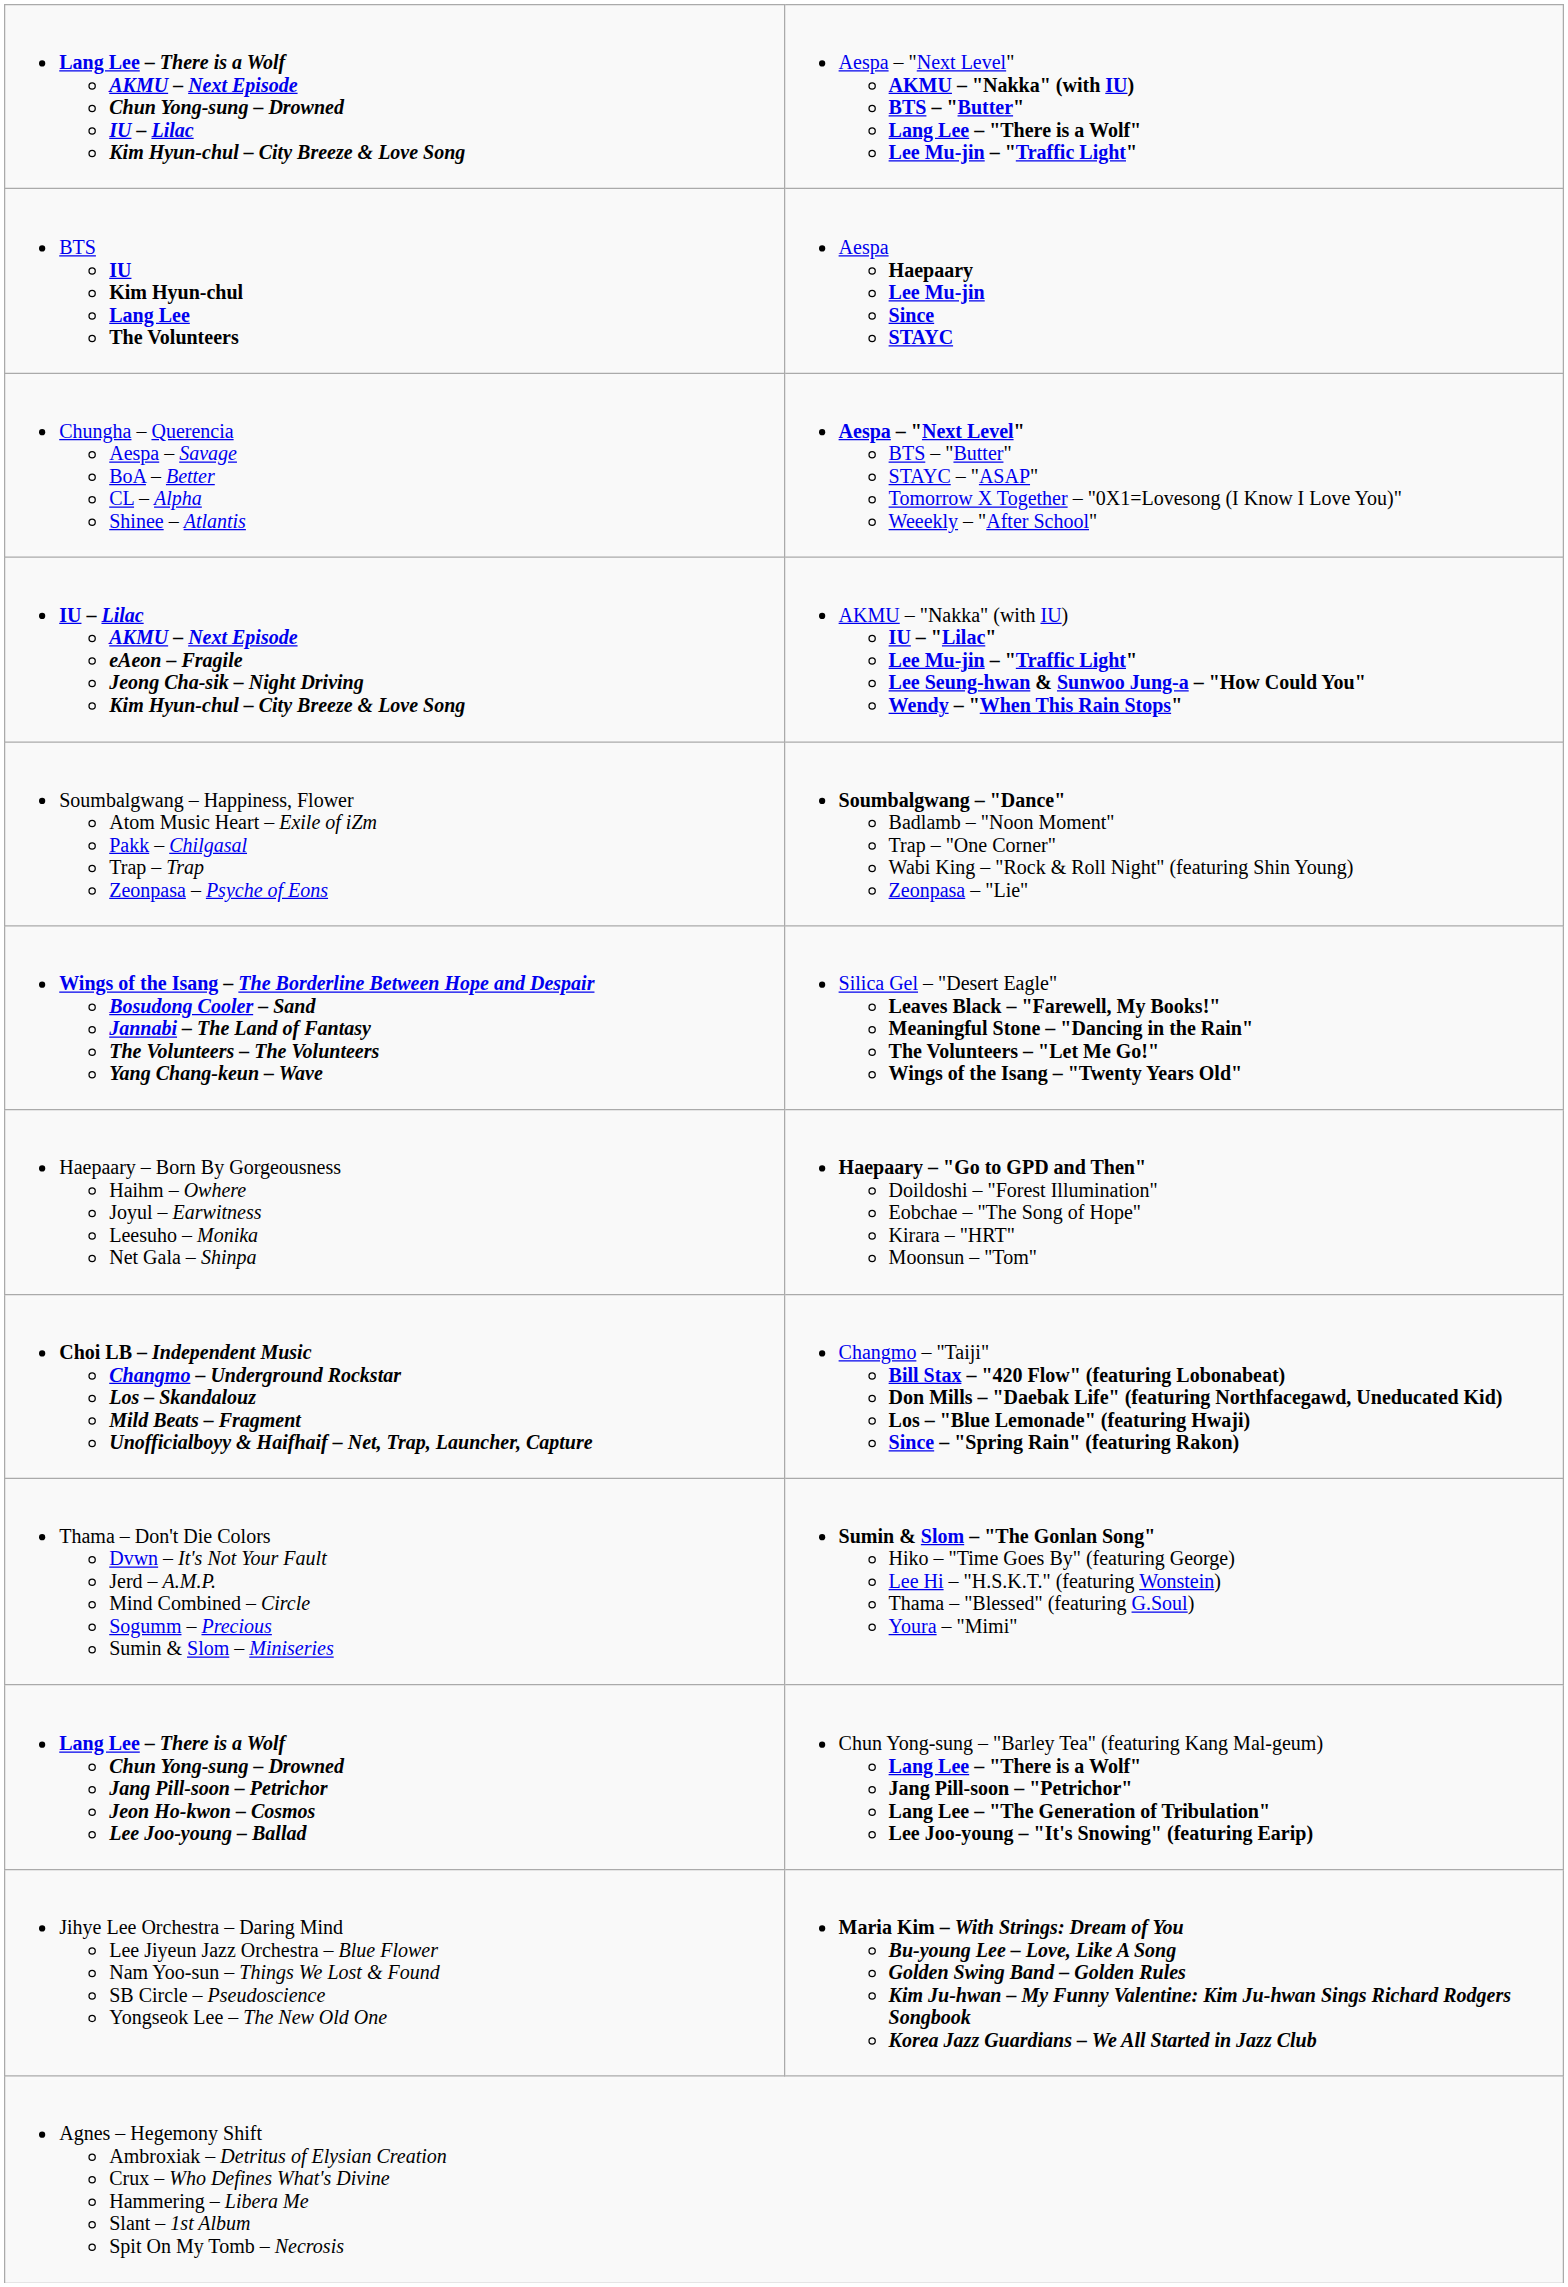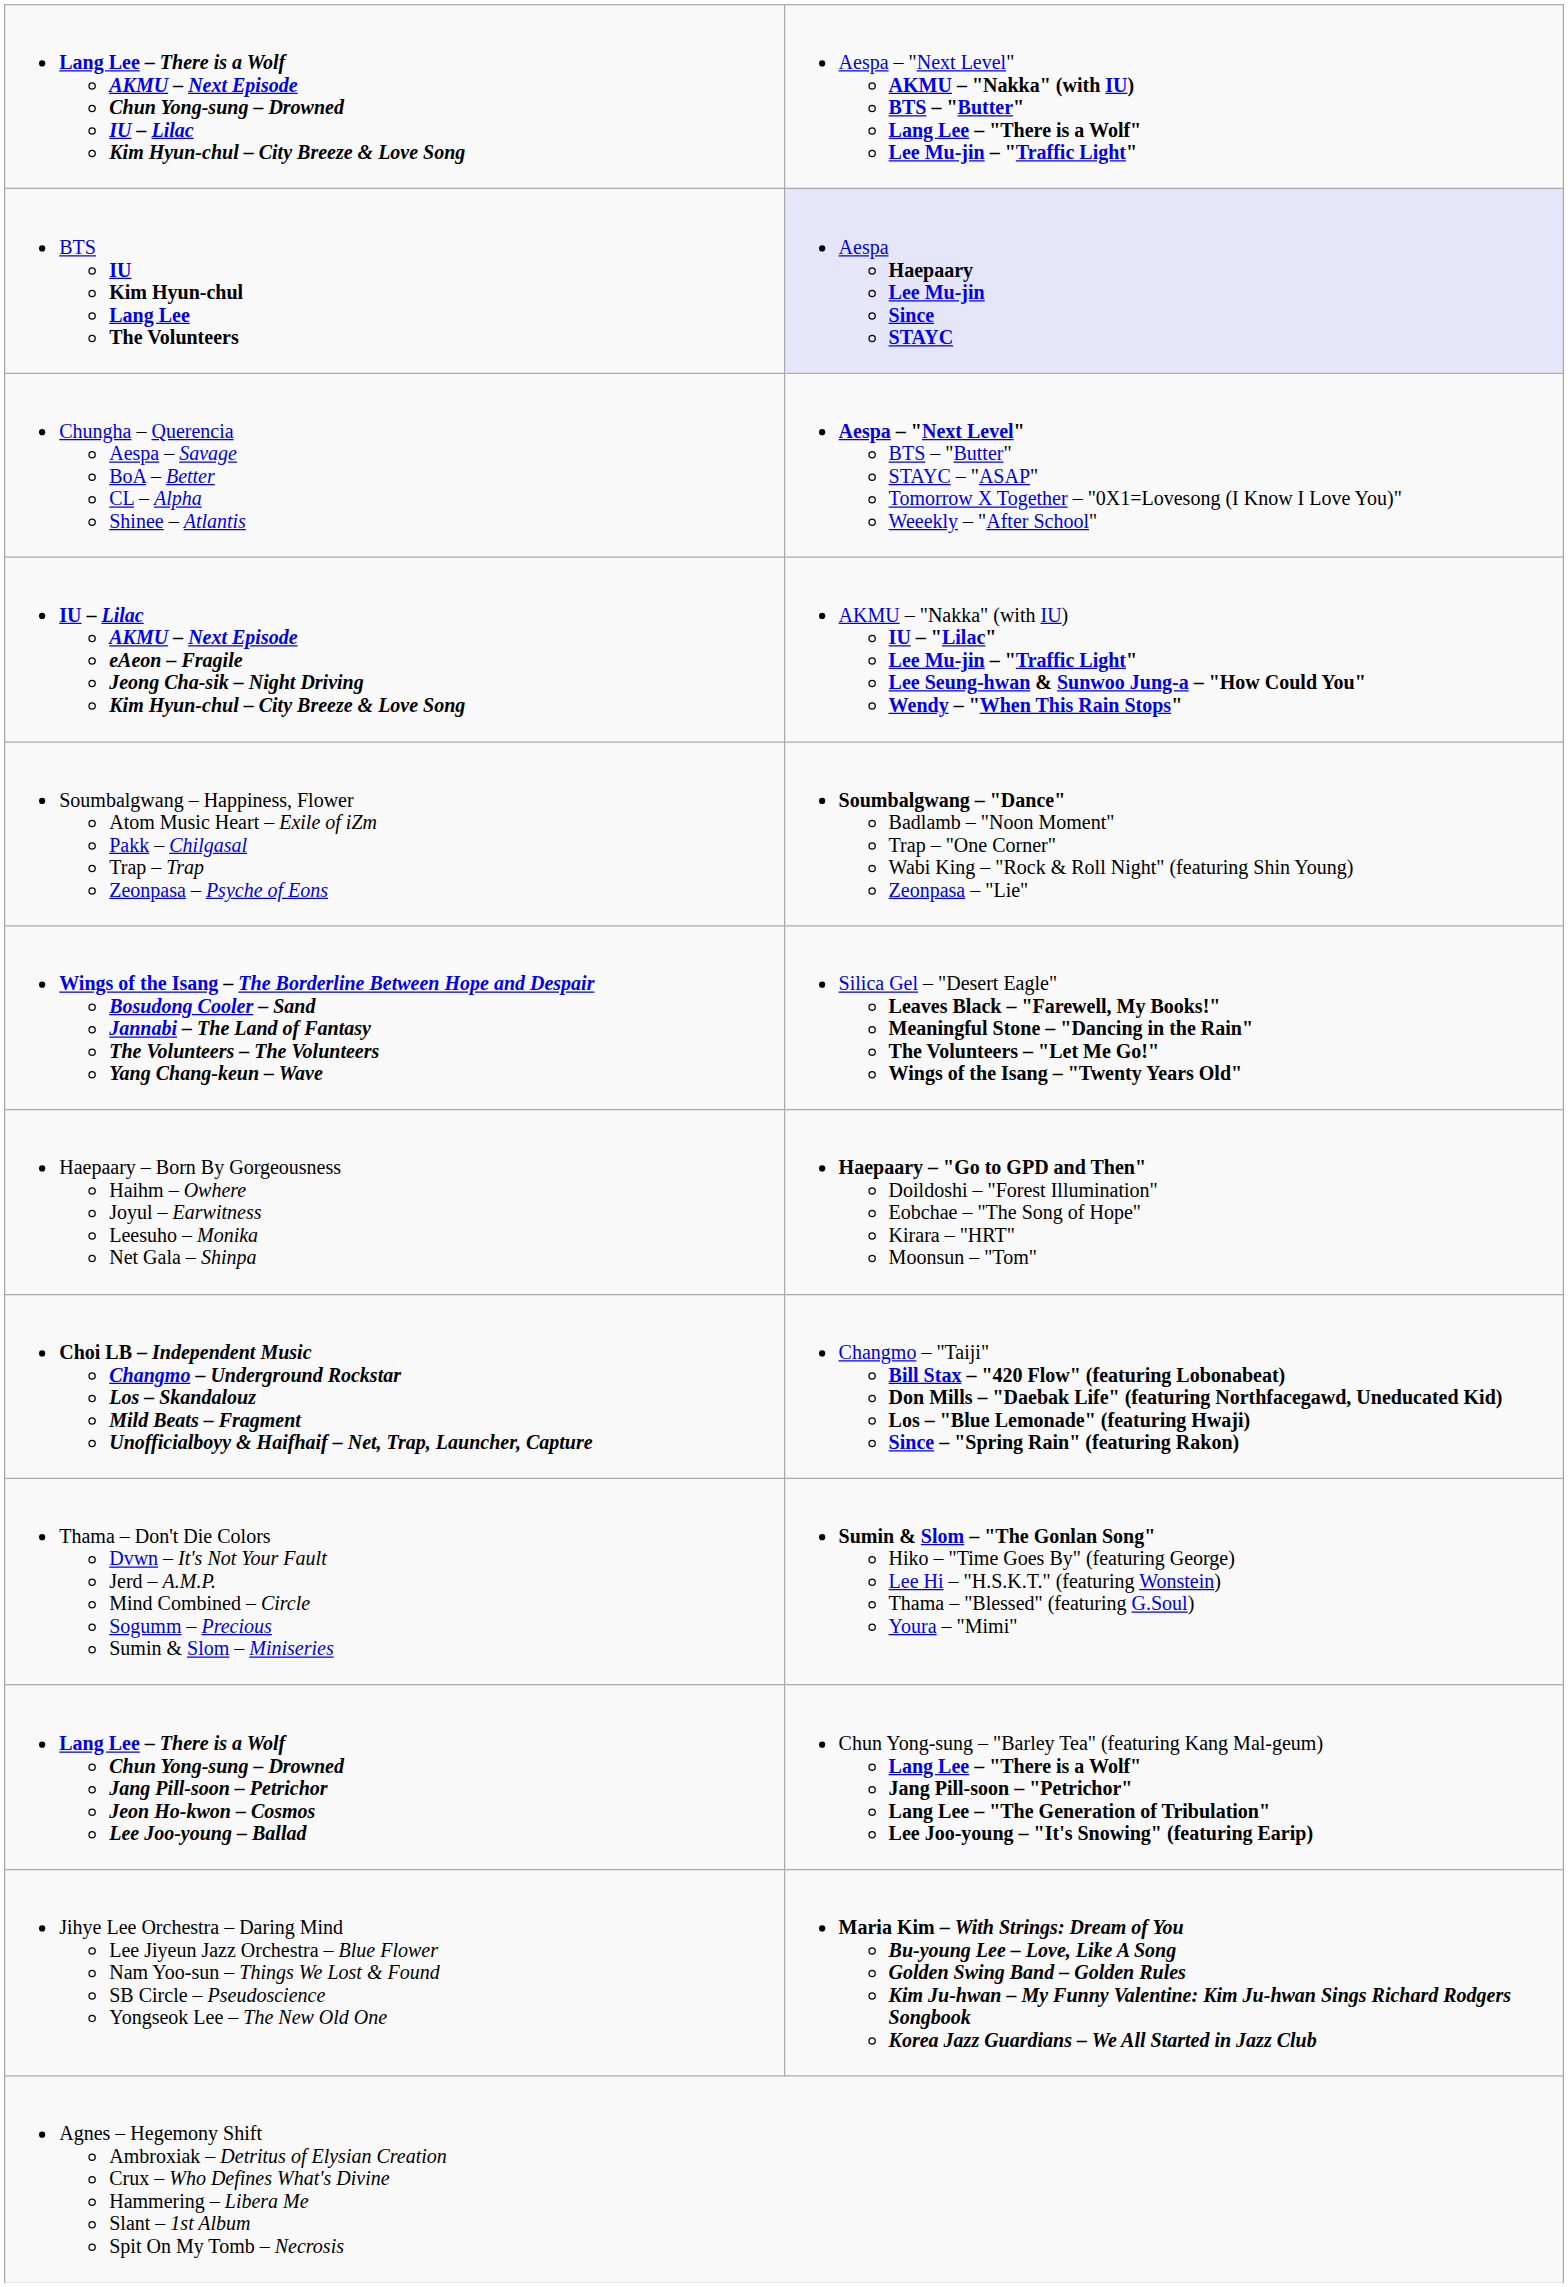 <table class="wikitable">
 <tr>
 <td style="vertical-align:top;" width="50%"><br><ul><li><strong><a href='#'>Lang Lee</a> – <em>There is a Wolf<strong><em><ul><li><a href='#'>AKMU</a> – </em><a href='#'>Next Episode</a><em></li><li>Chun Yong-sung – </em>Drowned<em></li><li><a href='#'>IU</a> – </em><a href='#'>Lilac</a><em></li><li>Kim Hyun-chul – </em>City Breeze & Love Song<em></li></ul></li></ul></td>
 <td style="vertical-align:top;" width="50%"><br><ul><li></strong><a href='#'>Aespa</a> – "<a href='#'>Next Level</a>"<strong><ul><li><a href='#'>AKMU</a> – "Nakka" (with <a href='#'>IU</a>)</li><li><a href='#'>BTS</a> – "<a href='#'>Butter</a>"</li><li><a href='#'>Lang Lee</a> – "There is a Wolf"</li><li><a href='#'>Lee Mu-jin</a> – "<a href='#'>Traffic Light</a>"</li></ul></li></ul></td>
 </tr>
 <tr>
 <td style="vertical-align:top;" width="50%"><br><ul><li></strong><a href='#'>BTS</a><strong><ul><li><a href='#'>IU</a></li><li>Kim Hyun-chul</li><li><a href='#'>Lang Lee</a></li><li>The Volunteers</li></ul></li></ul></td>
-<td style="vertical-align:top;" width="50%"><br><ul><li></strong><a href='#'>Aespa</a><strong><ul><li>Haepaary</li><li><a href='#'>Lee Mu-jin</a></li><li><a href='#'>Since</a></li><li><a href='#'>STAYC</a></li></ul></li></ul></td>
+<td style="background: lavender; vertical-align:top;" width="50%"><br><ul><li></strong><a href='#'>Aespa</a><strong><ul><li>Haepaary</li><li><a href='#'>Lee Mu-jin</a></li><li><a href='#'>Since</a></li><li><a href='#'>STAYC</a></li></ul></li></ul></td>
 </tr>
 <tr>
 <td style="vertical-align:top;" width="50%"><br><ul><li></strong><a href='#'>Chungha</a> – </em><a href='#'>Querencia</a></em></strong><ul><li><a href='#'>Aespa</a> – <em><a href='#'>Savage</a></em></li><li><a href='#'>BoA</a> – <em><a href='#'>Better</a></em></li><li><a href='#'>CL</a> – <em><a href='#'>Alpha</a></em></li><li><a href='#'>Shinee</a> – <em><a href='#'>Atlantis</a></em></li></ul></li></ul></td>
 <td style="vertical-align:top;" width="50%"><br><ul><li><strong><a href='#'>Aespa</a> – "<a href='#'>Next Level</a>"</strong><ul><li><a href='#'>BTS</a> – "<a href='#'>Butter</a>"</li><li><a href='#'>STAYC</a> – "<a href='#'>ASAP</a>"</li><li><a href='#'>Tomorrow X Together</a> – "0X1=Lovesong (I Know I Love You)"</li><li><a href='#'>Weeekly</a> – "<a href='#'>After School</a>"</li></ul></li></ul></td>
 </tr>
 <tr>
 <td style="vertical-align:top;" width="50%"><br><ul><li><strong><a href='#'>IU</a> – <em><a href='#'>Lilac</a><strong><em><ul><li><a href='#'>AKMU</a> – </em><a href='#'>Next Episode</a><em></li><li>eAeon – </em>Fragile<em></li><li>Jeong Cha-sik – </em>Night Driving<em></li><li>Kim Hyun-chul – </em>City Breeze & Love Song<em></li></ul></li></ul></td>
 <td style="vertical-align:top;" width="50%"><br><ul><li></strong><a href='#'>AKMU</a> – "Nakka" (with <a href='#'>IU</a>)<strong><ul><li><a href='#'>IU</a> – "<a href='#'>Lilac</a>"</li><li><a href='#'>Lee Mu-jin</a> – "<a href='#'>Traffic Light</a>"</li><li><a href='#'>Lee Seung-hwan</a> & <a href='#'>Sunwoo Jung-a</a> – "How Could You"</li><li><a href='#'>Wendy</a> – "<a href='#'>When This Rain Stops</a>"</li></ul></li></ul></td>
 </tr>
 <tr>
 <td style="vertical-align:top;" width="50%"><br><ul><li></strong>Soumbalgwang – </em>Happiness, Flower</em></strong><ul><li>Atom Music Heart – <em>Exile of iZm</em></li><li><a href='#'>Pakk</a> – <em><a href='#'>Chilgasal</a></em></li><li>Trap – <em>Trap</em></li><li><a href='#'>Zeonpasa</a> – <em><a href='#'>Psyche of Eons</a></em></li></ul></li></ul></td>
 <td style="vertical-align:top;" width="50%"><br><ul><li><strong>Soumbalgwang – "Dance"</strong><ul><li>Badlamb – "Noon Moment"</li><li>Trap – "One Corner"</li><li>Wabi King – "Rock & Roll Night" (featuring Shin Young)</li><li><a href='#'>Zeonpasa</a> – "Lie"</li></ul></li></ul></td>
 </tr>
 <tr>
 <td style="vertical-align:top;" width="50%"><br><ul><li><strong><a href='#'>Wings of the Isang</a> – <em><a href='#'>The Borderline Between Hope and Despair</a><strong><em><ul><li><a href='#'>Bosudong Cooler</a> – </em>Sand<em></li><li><a href='#'>Jannabi</a> – </em>The Land of Fantasy<em></li><li>The Volunteers – </em>The Volunteers<em></li><li>Yang Chang-keun – </em>Wave<em></li></ul></li></ul></td>
 <td style="vertical-align:top;" width="50%"><br><ul><li></strong><a href='#'>Silica Gel</a> – "Desert Eagle"<strong><ul><li>Leaves Black – "Farewell, My Books!"</li><li>Meaningful Stone – "Dancing in the Rain"</li><li>The Volunteers – "Let Me Go!"</li><li>Wings of the Isang – "Twenty Years Old"</li></ul></li></ul></td>
 </tr>
 <tr>
 <td style="vertical-align:top;" width="50%"><br><ul><li></strong>Haepaary – </em>Born By Gorgeousness</em></strong><ul><li>Haihm – <em>Owhere</em></li><li>Joyul – <em>Earwitness</em></li><li>Leesuho – <em>Monika</em></li><li>Net Gala – <em>Shinpa</em></li></ul></li></ul></td>
 <td style="vertical-align:top;" width="50%"><br><ul><li><strong>Haepaary – "Go to GPD and Then"</strong><ul><li>Doildoshi – "Forest Illumination"</li><li>Eobchae – "The Song of Hope"</li><li>Kirara – "HRT"</li><li>Moonsun – "Tom"</li></ul></li></ul></td>
 </tr>
 <tr>
 <td style="vertical-align:top;" width="50%"><br><ul><li><strong>Choi LB – <em>Independent Music<strong><em><ul><li><a href='#'>Changmo</a> – </em>Underground Rockstar<em></li><li>Los – </em>Skandalouz<em></li><li>Mild Beats – </em>Fragment<em></li><li>Unofficialboyy & Haifhaif – </em>Net, Trap, Launcher, Capture<em></li></ul></li></ul></td>
 <td style="vertical-align:top;" width="50%"><br><ul><li></strong><a href='#'>Changmo</a> – "Taiji"<strong><ul><li><a href='#'>Bill Stax</a> – "420 Flow" (featuring Lobonabeat)</li><li>Don Mills – "Daebak Life" (featuring Northfacegawd, Uneducated Kid)</li><li>Los – "Blue Lemonade" (featuring Hwaji)</li><li><a href='#'>Since</a> – "Spring Rain" (featuring Rakon)</li></ul></li></ul></td>
 </tr>
 <tr>
 <td style="vertical-align:top;" width="50%"><br><ul><li></strong>Thama – </em>Don't Die Colors</em></strong><ul><li><a href='#'>Dvwn</a> – <em>It's Not Your Fault</em></li><li>Jerd – <em>A.M.P.</em></li><li>Mind Combined – <em>Circle</em></li><li><a href='#'>Sogumm</a> – <em><a href='#'>Precious</a></em></li><li>Sumin & <a href='#'>Slom</a> – <em><a href='#'>Miniseries</a></em></li></ul></li></ul></td>
 <td style="vertical-align:top" width="50%"><br><ul><li><strong>Sumin & <a href='#'>Slom</a> – "The Gonlan Song"</strong><ul><li>Hiko – "Time Goes By" (featuring George)</li><li><a href='#'>Lee Hi</a> – "H.S.K.T." (featuring <a href='#'>Wonstein</a>)</li><li>Thama – "Blessed" (featuring <a href='#'>G.Soul</a>)</li><li><a href='#'>Youra</a> – "Mimi"</li></ul></li></ul></td>
 </tr>
 <tr>
 <td style="vertical-align:top;" width="50%"><br><ul><li><strong><a href='#'>Lang Lee</a> – <em>There is a Wolf<strong><em><ul><li>Chun Yong-sung – </em>Drowned<em></li><li>Jang Pill-soon – </em>Petrichor<em></li><li>Jeon Ho-kwon – </em>Cosmos<em></li><li>Lee Joo-young – </em>Ballad<em></li></ul></li></ul></td>
 <td style="vertical-align:top;" width="50%"><br><ul><li></strong>Chun Yong-sung – "Barley Tea" (featuring Kang Mal-geum)<strong><ul><li><a href='#'>Lang Lee</a> – "There is a Wolf"</li><li>Jang Pill-soon – "Petrichor"</li><li>Lang Lee – "The Generation of Tribulation"</li><li>Lee Joo-young – "It's Snowing" (featuring Earip)</li></ul></li></ul></td>
 </tr>
 <tr>
 <td style="vertical-align:top;" width="50%"><br><ul><li></strong>Jihye Lee Orchestra – </em>Daring Mind</em></strong><ul><li>Lee Jiyeun Jazz Orchestra – <em>Blue Flower</em></li><li>Nam Yoo-sun – <em>Things We Lost & Found</em></li><li>SB Circle – <em>Pseudoscience</em></li><li>Yongseok Lee – <em>The New Old One</em></li></ul></li></ul></td>
 <td style="vertical-align:top;" width="50%"><br><ul><li><strong>Maria Kim – <em>With Strings: Dream of You<strong><em><ul><li>Bu-young Lee – </em>Love, Like A Song<em></li><li>Golden Swing Band – </em>Golden Rules<em></li><li>Kim Ju-hwan – </em>My Funny Valentine: Kim Ju-hwan Sings Richard Rodgers Songbook<em></li><li>Korea Jazz Guardians – </em>We All Started in Jazz Club<em></li></ul></li></ul></td>
 </tr>
 <tr>
 <td colspan="2"><br><ul><li></strong>Agnes – </em>Hegemony Shift</em></strong><ul><li>Ambroxiak – <em>Detritus of Elysian Creation</em></li><li>Crux – <em>Who Defines What's Divine</em></li><li>Hammering – <em>Libera Me</em></li><li>Slant – <em>1st Album</em></li><li>Spit On My Tomb – <em>Necrosis</em></li></ul></li></ul></td>
 </tr>
 </table>
